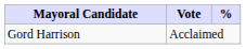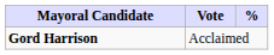 <table class="wikitable">
 <tr>
 <th style="background:#ddf; width:200px;">Mayoral Candidate</th>
 <th style="background:#ddf; width:50px;">Vote</th>
 <th style="background:#ddf; width:30px;">%</th>
 </tr>
 <tr>
-<td>Gord Harrison</td>
+<td><strong>Gord Harrison</strong></td>
 <td colspan="2">Acclaimed</td>
 </tr>
 </table>
